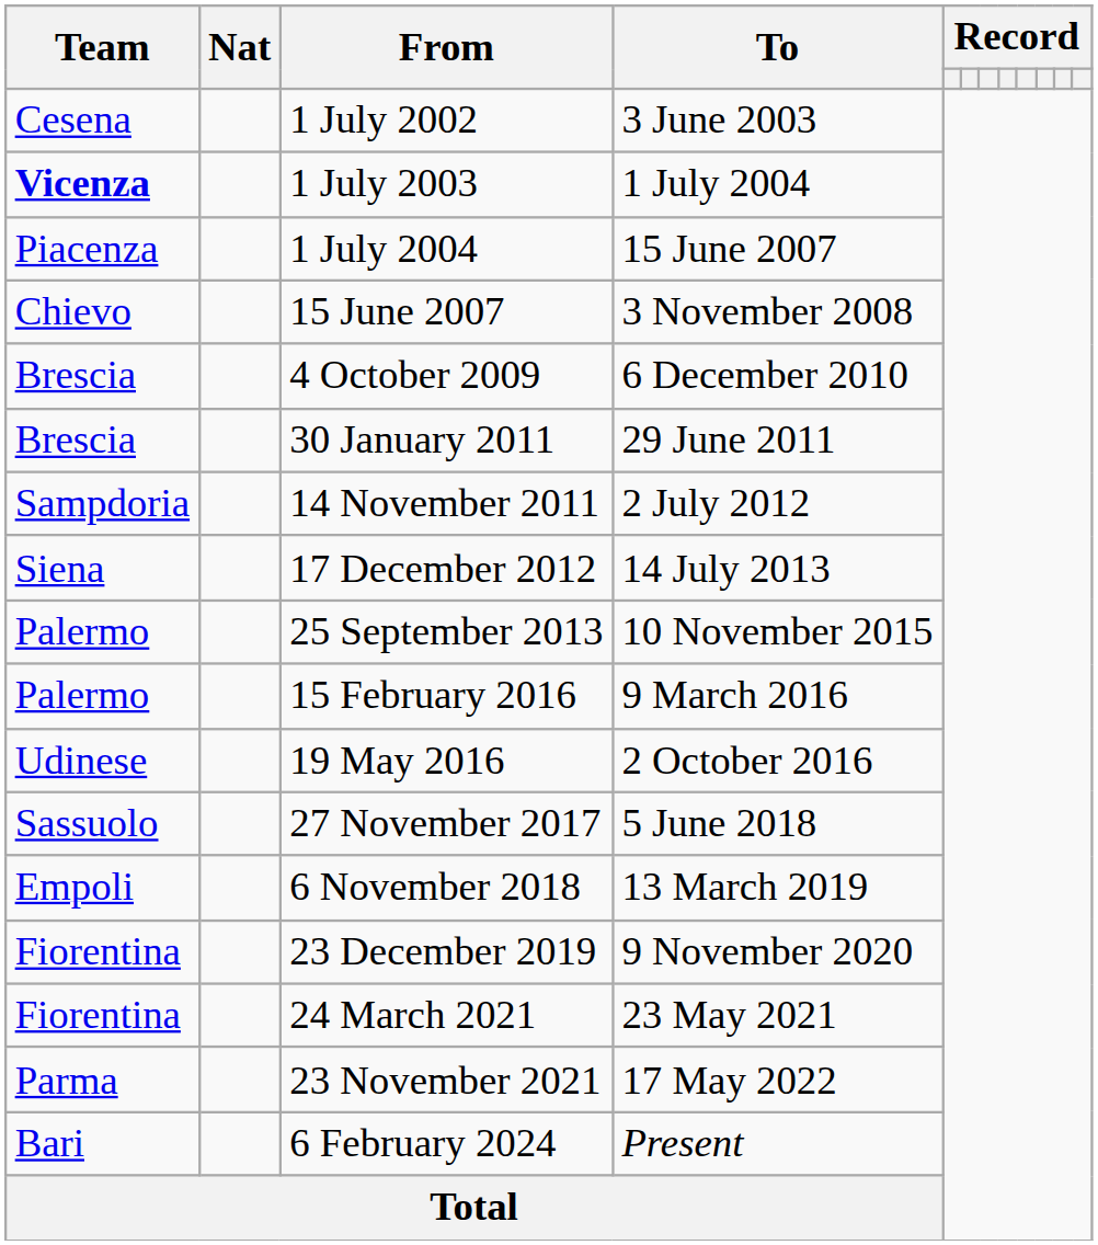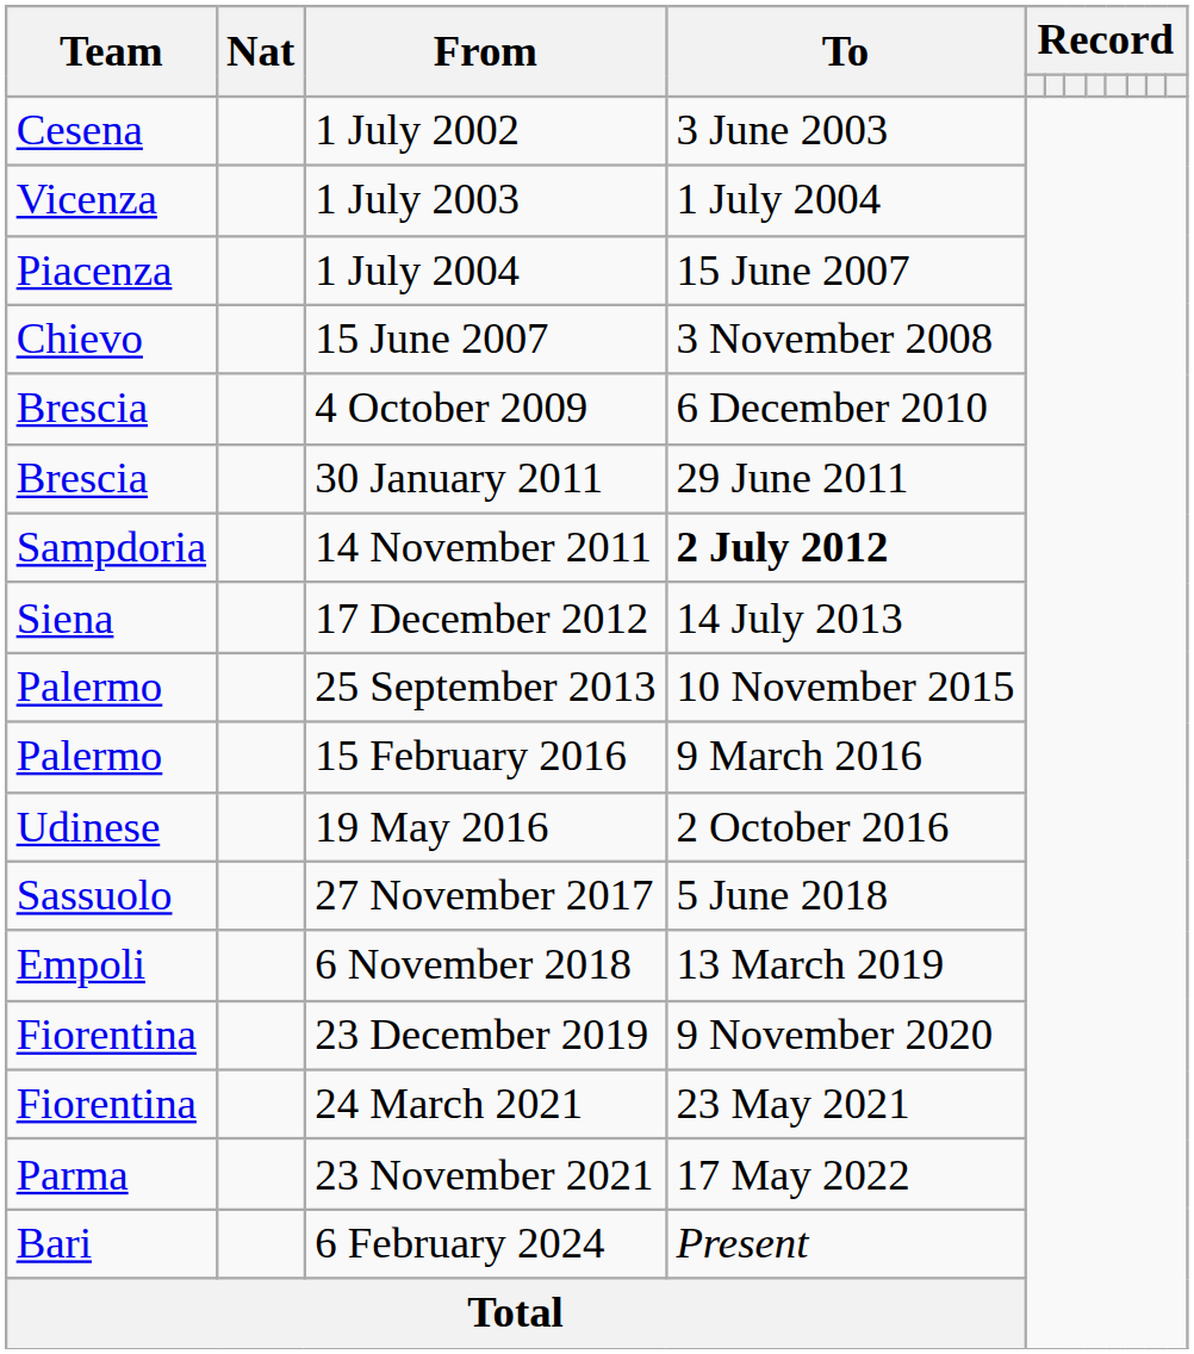 <table class=wikitable style="text-align:center">
 <tr>
 <th rowspan="2">Team</th>
 <th rowspan="2">Nat</th>
 <th rowspan="2">From</th>
 <th rowspan="2">To</th>
 <th colspan="8">Record</th>
 </tr>
 <tr>
 <th></th>
 <th></th>
 <th></th>
 <th></th>
 <th></th>
 <th></th>
 <th></th>
 <th></th>
 </tr>
 <tr>
 <td align=left><a href='#'>Cesena</a></td>
 <td></td>
 <td align=left>1 July 2002</td>
 <td align=left>3 June 2003<br></td>
 </tr>
 <tr>
-<td align=left><strong><a href='#'>Vicenza</a></strong></td>
+<td align=left><a href='#'>Vicenza</a></td>
 <td></td>
 <td align=left>1 July 2003</td>
 <td align=left>1 July 2004<br></td>
 </tr>
 <tr>
 <td align=left><a href='#'>Piacenza</a></td>
 <td></td>
 <td align=left>1 July 2004</td>
 <td align=left>15 June 2007<br></td>
 </tr>
 <tr>
 <td align=left><a href='#'>Chievo</a></td>
 <td></td>
 <td align=left>15 June 2007</td>
 <td align=left>3 November 2008<br></td>
 </tr>
 <tr>
 <td align=left><a href='#'>Brescia</a></td>
 <td></td>
 <td align=left>4 October 2009</td>
 <td align=left>6 December 2010<br></td>
 </tr>
 <tr>
 <td align=left><a href='#'>Brescia</a></td>
 <td></td>
 <td align=left>30 January 2011</td>
 <td align=left>29 June 2011<br></td>
 </tr>
 <tr>
 <td align=left><a href='#'>Sampdoria</a></td>
 <td></td>
 <td align=left>14 November 2011</td>
-<td align=left>2 July 2012<br></td>
+<td align=left><strong>2 July 2012<br></strong></td>
 </tr>
 <tr>
 <td align=left><a href='#'>Siena</a></td>
 <td></td>
 <td align=left>17 December 2012</td>
 <td align=left>14 July 2013<br></td>
 </tr>
 <tr>
 <td align=left><a href='#'>Palermo</a></td>
 <td></td>
 <td align=left>25 September 2013</td>
 <td align=left>10 November 2015<br></td>
 </tr>
 <tr>
 <td align=left><a href='#'>Palermo</a></td>
 <td></td>
 <td align=left>15 February 2016</td>
 <td align=left>9 March 2016<br></td>
 </tr>
 <tr>
 <td align=left><a href='#'>Udinese</a></td>
 <td></td>
 <td align=left>19 May 2016</td>
 <td align=left>2 October 2016<br></td>
 </tr>
 <tr>
 <td align=left><a href='#'>Sassuolo</a></td>
 <td></td>
 <td align=left>27 November 2017</td>
 <td align=left>5 June 2018<br></td>
 </tr>
 <tr>
 <td align=left><a href='#'>Empoli</a></td>
 <td></td>
 <td align=left>6 November 2018</td>
 <td align=left>13 March 2019<br></td>
 </tr>
 <tr>
 <td align=left><a href='#'>Fiorentina</a></td>
 <td></td>
 <td align=left>23 December 2019</td>
 <td align=left>9 November 2020<br></td>
 </tr>
 <tr>
 <td align=left><a href='#'>Fiorentina</a></td>
 <td></td>
 <td align=left>24 March 2021</td>
 <td align=left>23 May 2021<br></td>
 </tr>
 <tr>
 <td align=left><a href='#'>Parma</a></td>
 <td></td>
 <td align=left>23 November 2021</td>
 <td align=left>17 May 2022<br></td>
 </tr>
 <tr>
 <td align=left><a href='#'>Bari</a></td>
 <td></td>
 <td align=left>6 February 2024</td>
 <td align=left><em>Present</em><br></td>
 </tr>
 <tr>
 <th colspan=4>Total<br></th>
 </tr>
 </table>
